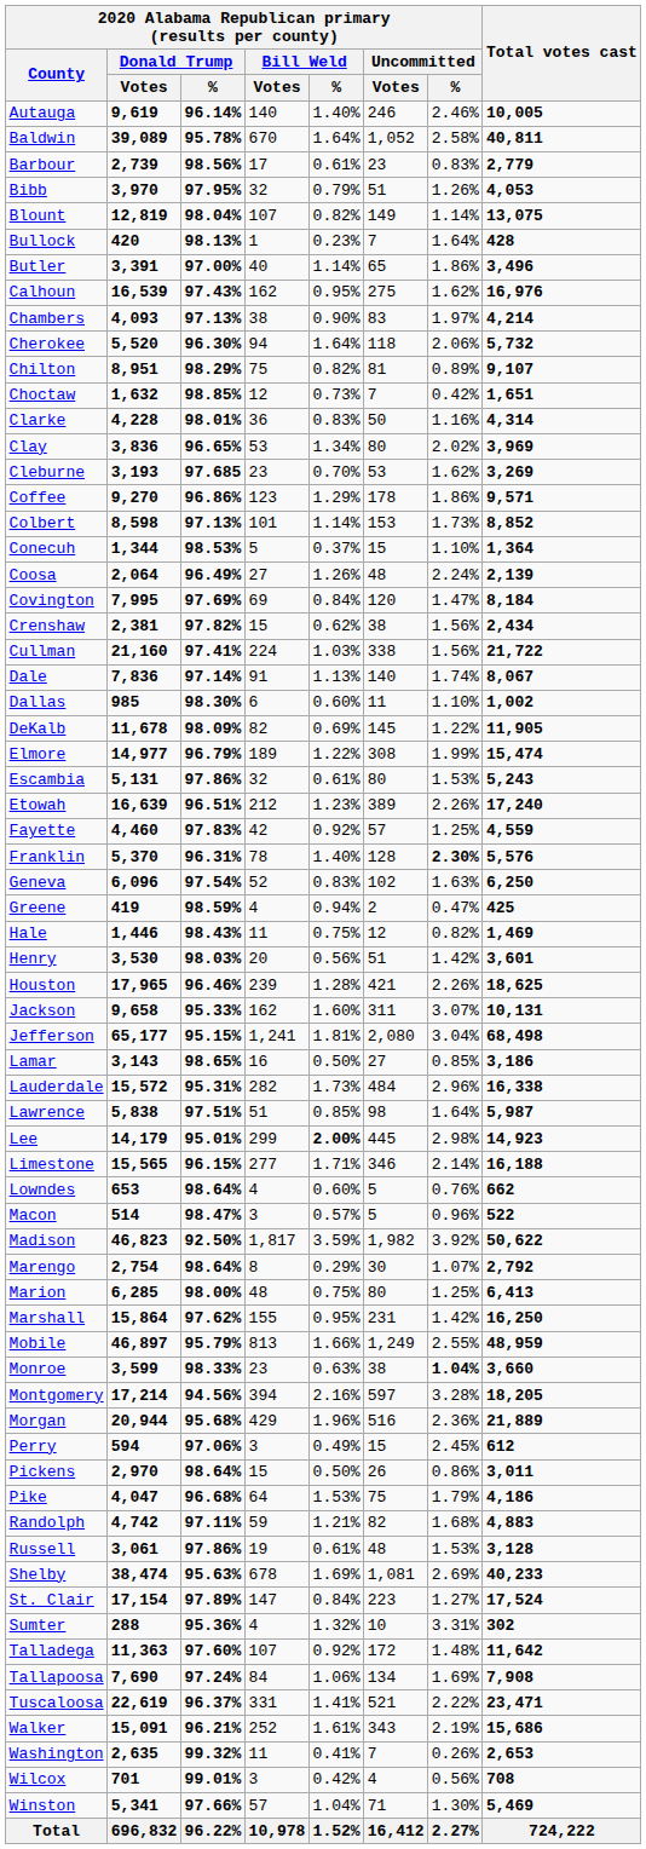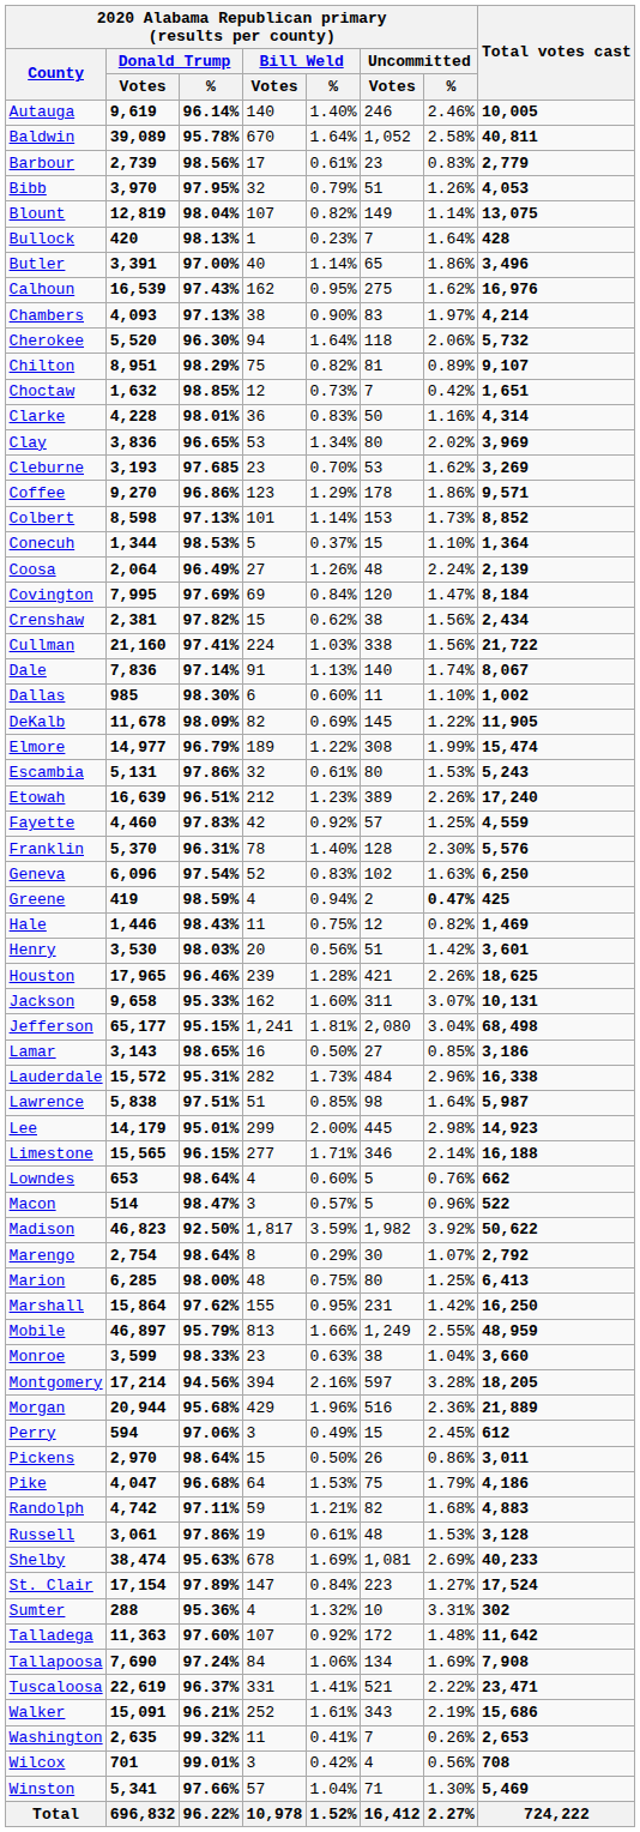 <table class="wikitable sortable mw-collapsible mw-collapsed">
 <tr>
 <th colspan="7">2020 Alabama Republican primary<br>(results per county)</th>
 <th rowspan="3">Total votes cast</th>
 </tr>
 <tr>
 <th rowspan="2"><a href='#'>County</a></th>
 <th colspan="2"><a href='#'>Donald Trump</a></th>
 <th colspan="2"><a href='#'>Bill Weld</a></th>
 <th colspan="2">Uncommitted</th>
 </tr>
 <tr>
 <th>Votes</th>
 <th>%</th>
 <th>Votes</th>
 <th>%</th>
 <th>Votes</th>
 <th>%</th>
 </tr>
 <tr>
 <td><a href='#'>Autauga</a></td>
 <td><strong>9,619</strong></td>
 <td><strong>96.14%</strong></td>
 <td>140</td>
 <td>1.40%</td>
 <td>246</td>
 <td>2.46%</td>
 <td><strong>10,005</strong></td>
 </tr>
 <tr>
 <td><a href='#'>Baldwin</a></td>
 <td><strong>39,089</strong></td>
 <td><strong>95.78%</strong></td>
 <td>670</td>
 <td>1.64%</td>
 <td>1,052</td>
 <td>2.58%</td>
 <td><strong>40,811</strong></td>
 </tr>
 <tr>
 <td><a href='#'>Barbour</a></td>
 <td><strong>2,739</strong></td>
 <td><strong>98.56%</strong></td>
 <td>17</td>
 <td>0.61%</td>
 <td>23</td>
 <td>0.83%</td>
 <td><strong>2,779</strong></td>
 </tr>
 <tr>
 <td><a href='#'>Bibb</a></td>
 <td><strong>3,970</strong></td>
 <td><strong>97.95%</strong></td>
 <td>32</td>
 <td>0.79%</td>
 <td>51</td>
 <td>1.26%</td>
 <td><strong>4,053</strong></td>
 </tr>
 <tr>
 <td><a href='#'>Blount</a></td>
 <td><strong>12,819</strong></td>
 <td><strong>98.04%</strong></td>
 <td>107</td>
 <td>0.82%</td>
 <td>149</td>
 <td>1.14%</td>
 <td><strong>13,075</strong></td>
 </tr>
 <tr>
 <td><a href='#'>Bullock</a></td>
 <td><strong>420</strong></td>
 <td><strong>98.13%</strong></td>
 <td>1</td>
 <td>0.23%</td>
 <td>7</td>
 <td>1.64%</td>
 <td><strong>428</strong></td>
 </tr>
 <tr>
 <td><a href='#'>Butler</a></td>
 <td><strong>3,391</strong></td>
 <td><strong>97.00%</strong></td>
 <td>40</td>
 <td>1.14%</td>
 <td>65</td>
 <td>1.86%</td>
 <td><strong>3,496</strong></td>
 </tr>
 <tr>
 <td><a href='#'>Calhoun</a></td>
 <td><strong>16,539</strong></td>
 <td><strong>97.43%</strong></td>
 <td>162</td>
 <td>0.95%</td>
 <td>275</td>
 <td>1.62%</td>
 <td><strong>16,976</strong></td>
 </tr>
 <tr>
 <td><a href='#'>Chambers</a></td>
 <td><strong>4,093</strong></td>
 <td><strong>97.13%</strong></td>
 <td>38</td>
 <td>0.90%</td>
 <td>83</td>
 <td>1.97%</td>
 <td><strong>4,214</strong></td>
 </tr>
 <tr>
 <td><a href='#'>Cherokee</a></td>
 <td><strong>5,520</strong></td>
 <td><strong>96.30%</strong></td>
 <td>94</td>
 <td>1.64%</td>
 <td>118</td>
 <td>2.06%</td>
 <td><strong>5,732</strong></td>
 </tr>
 <tr>
 <td><a href='#'>Chilton</a></td>
 <td><strong>8,951</strong></td>
 <td><strong>98.29%</strong></td>
 <td>75</td>
 <td>0.82%</td>
 <td>81</td>
 <td>0.89%</td>
 <td><strong>9,107</strong></td>
 </tr>
 <tr>
 <td><a href='#'>Choctaw</a></td>
 <td><strong>1,632</strong></td>
 <td><strong>98.85%</strong></td>
 <td>12</td>
 <td>0.73%</td>
 <td>7</td>
 <td>0.42%</td>
 <td><strong>1,651</strong></td>
 </tr>
 <tr>
 <td><a href='#'>Clarke</a></td>
 <td><strong>4,228</strong></td>
 <td><strong>98.01%</strong></td>
 <td>36</td>
 <td>0.83%</td>
 <td>50</td>
 <td>1.16%</td>
 <td><strong>4,314</strong></td>
 </tr>
 <tr>
 <td><a href='#'>Clay</a></td>
 <td><strong>3,836</strong></td>
 <td><strong>96.65%</strong></td>
 <td>53</td>
 <td>1.34%</td>
 <td>80</td>
 <td>2.02%</td>
 <td><strong>3,969</strong></td>
 </tr>
 <tr>
 <td><a href='#'>Cleburne</a></td>
 <td><strong>3,193</strong></td>
 <td><strong>97.685</strong></td>
 <td>23</td>
 <td>0.70%</td>
 <td>53</td>
 <td>1.62%</td>
 <td><strong>3,269</strong></td>
 </tr>
 <tr>
 <td><a href='#'>Coffee</a></td>
 <td><strong>9,270</strong></td>
 <td><strong>96.86%</strong></td>
 <td>123</td>
 <td>1.29%</td>
 <td>178</td>
 <td>1.86%</td>
 <td><strong>9,571</strong></td>
 </tr>
 <tr>
 <td><a href='#'>Colbert</a></td>
 <td><strong>8,598</strong></td>
 <td><strong>97.13%</strong></td>
 <td>101</td>
 <td>1.14%</td>
 <td>153</td>
 <td>1.73%</td>
 <td><strong>8,852</strong></td>
 </tr>
 <tr>
 <td><a href='#'>Conecuh</a></td>
 <td><strong>1,344</strong></td>
 <td><strong>98.53%</strong></td>
 <td>5</td>
 <td>0.37%</td>
 <td>15</td>
 <td>1.10%</td>
 <td><strong>1,364</strong></td>
 </tr>
 <tr>
 <td><a href='#'>Coosa</a></td>
 <td><strong>2,064</strong></td>
 <td><strong>96.49%</strong></td>
 <td>27</td>
 <td>1.26%</td>
 <td>48</td>
 <td>2.24%</td>
 <td><strong>2,139</strong></td>
 </tr>
 <tr>
 <td><a href='#'>Covington</a></td>
 <td><strong>7,995</strong></td>
 <td><strong>97.69%</strong></td>
 <td>69</td>
 <td>0.84%</td>
 <td>120</td>
 <td>1.47%</td>
 <td><strong>8,184</strong></td>
 </tr>
 <tr>
 <td><a href='#'>Crenshaw</a></td>
 <td><strong>2,381</strong></td>
 <td><strong>97.82%</strong></td>
 <td>15</td>
 <td>0.62%</td>
 <td>38</td>
 <td>1.56%</td>
 <td><strong>2,434</strong></td>
 </tr>
 <tr>
 <td><a href='#'>Cullman</a></td>
 <td><strong>21,160</strong></td>
 <td><strong>97.41%</strong></td>
 <td>224</td>
 <td>1.03%</td>
 <td>338</td>
 <td>1.56%</td>
 <td><strong>21,722</strong></td>
 </tr>
 <tr>
 <td><a href='#'>Dale</a></td>
 <td><strong>7,836</strong></td>
 <td><strong>97.14%</strong></td>
 <td>91</td>
 <td>1.13%</td>
 <td>140</td>
 <td>1.74%</td>
 <td><strong>8,067</strong></td>
 </tr>
 <tr>
 <td><a href='#'>Dallas</a></td>
 <td><strong>985</strong></td>
 <td><strong>98.30%</strong></td>
 <td>6</td>
 <td>0.60%</td>
 <td>11</td>
 <td>1.10%</td>
 <td><strong>1,002</strong></td>
 </tr>
 <tr>
 <td><a href='#'>DeKalb</a></td>
 <td><strong>11,678</strong></td>
 <td><strong>98.09%</strong></td>
 <td>82</td>
 <td>0.69%</td>
 <td>145</td>
 <td>1.22%</td>
 <td><strong>11,905</strong></td>
 </tr>
 <tr>
 <td><a href='#'>Elmore</a></td>
 <td><strong>14,977</strong></td>
 <td><strong>96.79%</strong></td>
 <td>189</td>
 <td>1.22%</td>
 <td>308</td>
 <td>1.99%</td>
 <td><strong>15,474</strong></td>
 </tr>
 <tr>
 <td><a href='#'>Escambia</a></td>
 <td><strong>5,131</strong></td>
 <td><strong>97.86%</strong></td>
 <td>32</td>
 <td>0.61%</td>
 <td>80</td>
 <td>1.53%</td>
 <td><strong>5,243</strong></td>
 </tr>
 <tr>
 <td><a href='#'>Etowah</a></td>
 <td><strong>16,639</strong></td>
 <td><strong>96.51%</strong></td>
 <td>212</td>
 <td>1.23%</td>
 <td>389</td>
 <td>2.26%</td>
 <td><strong>17,240</strong></td>
 </tr>
 <tr>
 <td><a href='#'>Fayette</a></td>
 <td><strong>4,460</strong></td>
 <td><strong>97.83%</strong></td>
 <td>42</td>
 <td>0.92%</td>
 <td>57</td>
 <td>1.25%</td>
 <td><strong>4,559</strong></td>
 </tr>
 <tr>
 <td><a href='#'>Franklin</a></td>
 <td><strong>5,370</strong></td>
 <td><strong>96.31%</strong></td>
 <td>78</td>
 <td>1.40%</td>
 <td>128</td>
-<td><strong>2.30%</strong></td>
+<td>2.30%</td>
 <td><strong>5,576</strong></td>
 </tr>
 <tr>
 <td><a href='#'>Geneva</a></td>
 <td><strong>6,096</strong></td>
 <td><strong>97.54%</strong></td>
 <td>52</td>
 <td>0.83%</td>
 <td>102</td>
 <td>1.63%</td>
 <td><strong>6,250</strong></td>
 </tr>
 <tr>
 <td><a href='#'>Greene</a></td>
 <td><strong>419</strong></td>
 <td><strong>98.59%</strong></td>
 <td>4</td>
 <td>0.94%</td>
 <td>2</td>
-<td>0.47%</td>
+<td><strong>0.47%</strong></td>
 <td><strong>425</strong></td>
 </tr>
 <tr>
 <td><a href='#'>Hale</a></td>
 <td><strong>1,446</strong></td>
 <td><strong>98.43%</strong></td>
 <td>11</td>
 <td>0.75%</td>
 <td>12</td>
 <td>0.82%</td>
 <td><strong>1,469</strong></td>
 </tr>
 <tr>
 <td><a href='#'>Henry</a></td>
 <td><strong>3,530</strong></td>
 <td><strong>98.03%</strong></td>
 <td>20</td>
 <td>0.56%</td>
 <td>51</td>
 <td>1.42%</td>
 <td><strong>3,601</strong></td>
 </tr>
 <tr>
 <td><a href='#'>Houston</a></td>
 <td><strong>17,965</strong></td>
 <td><strong>96.46%</strong></td>
 <td>239</td>
 <td>1.28%</td>
 <td>421</td>
 <td>2.26%</td>
 <td><strong>18,625</strong></td>
 </tr>
 <tr>
 <td><a href='#'>Jackson</a></td>
 <td><strong>9,658</strong></td>
 <td><strong>95.33%</strong></td>
 <td>162</td>
 <td>1.60%</td>
 <td>311</td>
 <td>3.07%</td>
 <td><strong>10,131</strong></td>
 </tr>
 <tr>
 <td><a href='#'>Jefferson</a></td>
 <td><strong>65,177</strong></td>
 <td><strong>95.15%</strong></td>
 <td>1,241</td>
 <td>1.81%</td>
 <td>2,080</td>
 <td>3.04%</td>
 <td><strong>68,498</strong></td>
 </tr>
 <tr>
 <td><a href='#'>Lamar</a></td>
 <td><strong>3,143</strong></td>
 <td><strong>98.65%</strong></td>
 <td>16</td>
 <td>0.50%</td>
 <td>27</td>
 <td>0.85%</td>
 <td><strong>3,186</strong></td>
 </tr>
 <tr>
 <td><a href='#'>Lauderdale</a></td>
 <td><strong>15,572</strong></td>
 <td><strong>95.31%</strong></td>
 <td>282</td>
 <td>1.73%</td>
 <td>484</td>
 <td>2.96%</td>
 <td><strong>16,338</strong></td>
 </tr>
 <tr>
 <td><a href='#'>Lawrence</a></td>
 <td><strong>5,838</strong></td>
 <td><strong>97.51%</strong></td>
 <td>51</td>
 <td>0.85%</td>
 <td>98</td>
 <td>1.64%</td>
 <td><strong>5,987</strong></td>
 </tr>
 <tr>
 <td><a href='#'>Lee</a></td>
 <td><strong>14,179</strong></td>
 <td><strong>95.01%</strong></td>
 <td>299</td>
-<td><strong>2.00%</strong></td>
+<td>2.00%</td>
 <td>445</td>
 <td>2.98%</td>
 <td><strong>14,923</strong></td>
 </tr>
 <tr>
 <td><a href='#'>Limestone</a></td>
 <td><strong>15,565</strong></td>
 <td><strong>96.15%</strong></td>
 <td>277</td>
 <td>1.71%</td>
 <td>346</td>
 <td>2.14%</td>
 <td><strong>16,188</strong></td>
 </tr>
 <tr>
 <td><a href='#'>Lowndes</a></td>
 <td><strong>653</strong></td>
 <td><strong>98.64%</strong></td>
 <td>4</td>
 <td>0.60%</td>
 <td>5</td>
 <td>0.76%</td>
 <td><strong>662</strong></td>
 </tr>
 <tr>
 <td><a href='#'>Macon</a></td>
 <td><strong>514</strong></td>
 <td><strong>98.47%</strong></td>
 <td>3</td>
 <td>0.57%</td>
 <td>5</td>
 <td>0.96%</td>
 <td><strong>522</strong></td>
 </tr>
 <tr>
 <td><a href='#'>Madison</a></td>
 <td><strong>46,823</strong></td>
 <td><strong>92.50%</strong></td>
 <td>1,817</td>
 <td>3.59%</td>
 <td>1,982</td>
 <td>3.92%</td>
 <td><strong>50,622</strong></td>
 </tr>
 <tr>
 <td><a href='#'>Marengo</a></td>
 <td><strong>2,754</strong></td>
 <td><strong>98.64%</strong></td>
 <td>8</td>
 <td>0.29%</td>
 <td>30</td>
 <td>1.07%</td>
 <td><strong>2,792</strong></td>
 </tr>
 <tr>
 <td><a href='#'>Marion</a></td>
 <td><strong>6,285</strong></td>
 <td><strong>98.00%</strong></td>
 <td>48</td>
 <td>0.75%</td>
 <td>80</td>
 <td>1.25%</td>
 <td><strong>6,413</strong></td>
 </tr>
 <tr>
 <td><a href='#'>Marshall</a></td>
 <td><strong>15,864</strong></td>
 <td><strong>97.62%</strong></td>
 <td>155</td>
 <td>0.95%</td>
 <td>231</td>
 <td>1.42%</td>
 <td><strong>16,250</strong></td>
 </tr>
 <tr>
 <td><a href='#'>Mobile</a></td>
 <td><strong>46,897</strong></td>
 <td><strong>95.79%</strong></td>
 <td>813</td>
 <td>1.66%</td>
 <td>1,249</td>
 <td>2.55%</td>
 <td><strong>48,959</strong></td>
 </tr>
 <tr>
 <td><a href='#'>Monroe</a></td>
 <td><strong>3,599</strong></td>
 <td><strong>98.33%</strong></td>
 <td>23</td>
 <td>0.63%</td>
 <td>38</td>
-<td><strong>1.04%</strong></td>
+<td>1.04%</td>
 <td><strong>3,660</strong></td>
 </tr>
 <tr>
 <td><a href='#'>Montgomery</a></td>
 <td><strong>17,214</strong></td>
 <td><strong>94.56%</strong></td>
 <td>394</td>
 <td>2.16%</td>
 <td>597</td>
 <td>3.28%</td>
 <td><strong>18,205</strong></td>
 </tr>
 <tr>
 <td><a href='#'>Morgan</a></td>
 <td><strong>20,944</strong></td>
 <td><strong>95.68%</strong></td>
 <td>429</td>
 <td>1.96%</td>
 <td>516</td>
 <td>2.36%</td>
 <td><strong>21,889</strong></td>
 </tr>
 <tr>
 <td><a href='#'>Perry</a></td>
 <td><strong>594</strong></td>
 <td><strong>97.06%</strong></td>
 <td>3</td>
 <td>0.49%</td>
 <td>15</td>
 <td>2.45%</td>
 <td><strong>612</strong></td>
 </tr>
 <tr>
 <td><a href='#'>Pickens</a></td>
 <td><strong>2,970</strong></td>
 <td><strong>98.64%</strong></td>
 <td>15</td>
 <td>0.50%</td>
 <td>26</td>
 <td>0.86%</td>
 <td><strong>3,011</strong></td>
 </tr>
 <tr>
 <td><a href='#'>Pike</a></td>
 <td><strong>4,047</strong></td>
 <td><strong>96.68%</strong></td>
 <td>64</td>
 <td>1.53%</td>
 <td>75</td>
 <td>1.79%</td>
 <td><strong>4,186</strong></td>
 </tr>
 <tr>
 <td><a href='#'>Randolph</a></td>
 <td><strong>4,742</strong></td>
 <td><strong>97.11%</strong></td>
 <td>59</td>
 <td>1.21%</td>
 <td>82</td>
 <td>1.68%</td>
 <td><strong>4,883</strong></td>
 </tr>
 <tr>
 <td><a href='#'>Russell</a></td>
 <td><strong>3,061</strong></td>
 <td><strong>97.86%</strong></td>
 <td>19</td>
 <td>0.61%</td>
 <td>48</td>
 <td>1.53%</td>
 <td><strong>3,128</strong></td>
 </tr>
 <tr>
 <td><a href='#'>Shelby</a></td>
 <td><strong>38,474</strong></td>
 <td><strong>95.63%</strong></td>
 <td>678</td>
 <td>1.69%</td>
 <td>1,081</td>
 <td>2.69%</td>
 <td><strong>40,233</strong></td>
 </tr>
 <tr>
 <td><a href='#'>St. Clair</a></td>
 <td><strong>17,154</strong></td>
 <td><strong>97.89%</strong></td>
 <td>147</td>
 <td>0.84%</td>
 <td>223</td>
 <td>1.27%</td>
 <td><strong>17,524</strong></td>
 </tr>
 <tr>
 <td><a href='#'>Sumter</a></td>
 <td><strong>288</strong></td>
 <td><strong>95.36%</strong></td>
 <td>4</td>
 <td>1.32%</td>
 <td>10</td>
 <td>3.31%</td>
 <td><strong>302</strong></td>
 </tr>
 <tr>
 <td><a href='#'>Talladega</a></td>
 <td><strong>11,363</strong></td>
 <td><strong>97.60%</strong></td>
 <td>107</td>
 <td>0.92%</td>
 <td>172</td>
 <td>1.48%</td>
 <td><strong>11,642</strong></td>
 </tr>
 <tr>
 <td><a href='#'>Tallapoosa</a></td>
 <td><strong>7,690</strong></td>
 <td><strong>97.24%</strong></td>
 <td>84</td>
 <td>1.06%</td>
 <td>134</td>
 <td>1.69%</td>
 <td><strong>7,908</strong></td>
 </tr>
 <tr>
 <td><a href='#'>Tuscaloosa</a></td>
 <td><strong>22,619</strong></td>
 <td><strong>96.37%</strong></td>
 <td>331</td>
 <td>1.41%</td>
 <td>521</td>
 <td>2.22%</td>
 <td><strong>23,471</strong></td>
 </tr>
 <tr>
 <td><a href='#'>Walker</a></td>
 <td><strong>15,091</strong></td>
 <td><strong>96.21%</strong></td>
 <td>252</td>
 <td>1.61%</td>
 <td>343</td>
 <td>2.19%</td>
 <td><strong>15,686</strong></td>
 </tr>
 <tr>
 <td><a href='#'>Washington</a></td>
 <td><strong>2,635</strong></td>
 <td><strong>99.32%</strong></td>
 <td>11</td>
 <td>0.41%</td>
 <td>7</td>
 <td>0.26%</td>
 <td><strong>2,653</strong></td>
 </tr>
 <tr>
 <td><a href='#'>Wilcox</a></td>
 <td><strong>701</strong></td>
 <td><strong>99.01%</strong></td>
 <td>3</td>
 <td>0.42%</td>
 <td>4</td>
 <td>0.56%</td>
 <td><strong>708</strong></td>
 </tr>
 <tr>
 <td><a href='#'>Winston</a></td>
 <td><strong>5,341</strong></td>
 <td><strong>97.66%</strong></td>
 <td>57</td>
 <td>1.04%</td>
 <td>71</td>
 <td>1.30%</td>
 <td><strong>5,469</strong></td>
 </tr>
 <tr>
 <th><strong>Total</strong></th>
 <th><strong>696,832</strong></th>
 <th><strong>96.22%</strong></th>
 <th>10,978</th>
 <th>1.52%</th>
 <th>16,412</th>
 <th>2.27%</th>
 <th><strong>724,222</strong></th>
 </tr>
 </table>
